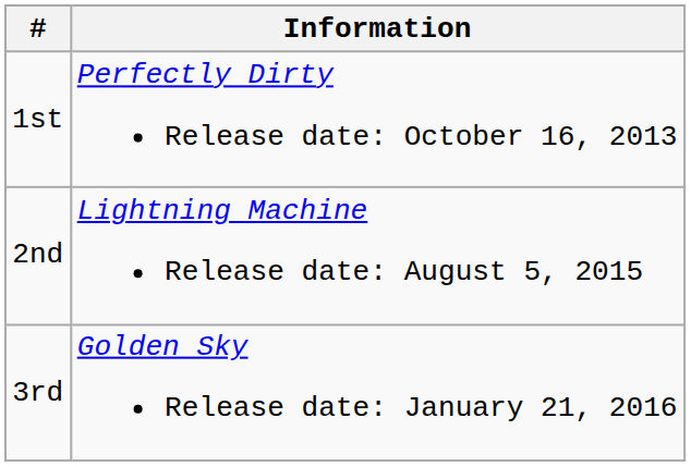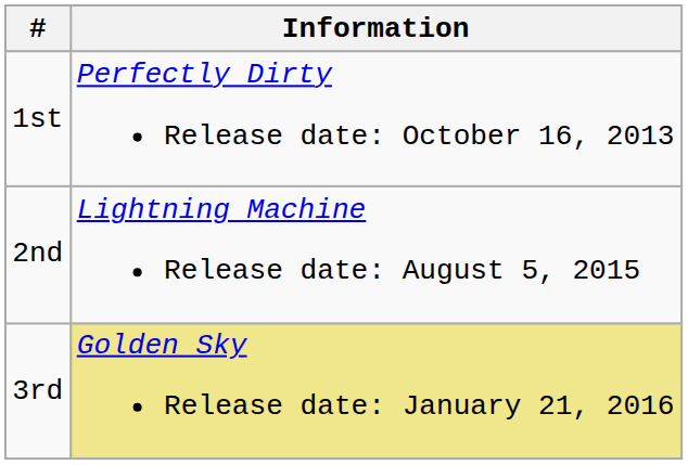 <table class="wikitable">
 <tr>
 <th>#</th>
 <th>Information</th>
 </tr>
 <tr>
 <td align="center">1st</td>
 <td align="left"><em><a href='#'>Perfectly Dirty</a></em><br><ul><li>Release date: October 16, 2013</li></ul></td>
 </tr>
 <tr>
 <td align="center">2nd</td>
 <td align="left"><em><a href='#'>Lightning Machine</a></em><br><ul><li>Release date: August 5, 2015</li></ul></td>
 </tr>
 <tr>
 <td align="center">3rd</td>
-<td align="left"><em><a href='#'>Golden Sky</a></em><br><ul><li>Release date: January 21, 2016</li></ul></td>
+<td align="left" style="background: khaki;"><em><a href='#'>Golden Sky</a></em><br><ul><li>Release date: January 21, 2016</li></ul></td>
 </tr>
 </table>
